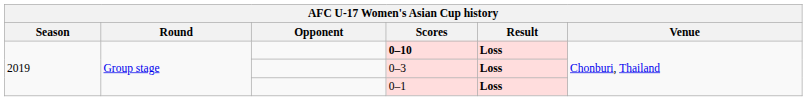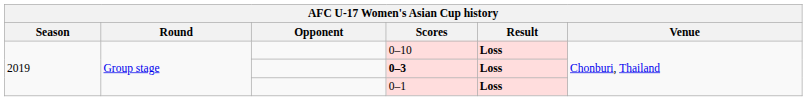 <table class="wikitable collapsible collapsed" style="text-align:center, font-size:90% ; width:70%;">
 <tr>
 <th colspan="6" stye="background:#DB2017;color:#FFFF00">AFC U-17 Women's Asian Cup history</th>
 </tr>
 <tr>
 <th>Season</th>
 <th>Round</th>
 <th>Opponent</th>
 <th>Scores</th>
 <th>Result</th>
 <th>Venue</th>
 </tr>
 <tr>
 <td rowspan="3">2019</td>
 <td rowspan="3"><a href='#'>Group stage</a></td>
 <td style="text-align:left"></td>
-<td style="background:#fdd"><strong>0–10</strong></td>
+<td style="background:#fdd">0–10</td>
 <td style="background:#fdd"><strong>Loss</strong></td>
 <td rowspan="3"> <a href='#'>Chonburi</a>, <a href='#'>Thailand</a></td>
 </tr>
 <tr>
 <td style="text-align:left"></td>
-<td style="background:#fdd">0–3</td>
+<td style="background:#fdd"><strong>0–3</strong></td>
 <td style="background:#fdd"><strong>Loss</strong></td>
 </tr>
 <tr>
 <td style="text-align:left"></td>
 <td style="background:#fdd">0–1</td>
 <td style="background:#fdd"><strong>Loss</strong></td>
 </tr>
 </table>
